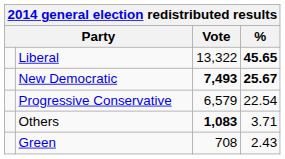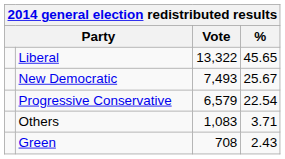 <table class="wikitable">
 <tr>
 <th colspan="4"><a href='#'>2014 general election</a> redistributed results</th>
 </tr>
 <tr>
 <th bgcolor="#DDDDFF" width="130px" colspan="2">Party</th>
 <th bgcolor="#DDDDFF" width="50px">Vote</th>
 <th bgcolor="#DDDDFF" width="30px">%</th>
 </tr>
 <tr>
 <td> </td>
 <td><a href='#'>Liberal</a></td>
 <td align=right>13,322</td>
-<td align=right><strong>45.65</strong></td>
+<td align=right>45.65</td>
 </tr>
 <tr>
 <td> </td>
 <td><a href='#'>New Democratic</a></td>
-<td align=right><strong>7,493</strong></td>
-<td align=right><strong>25.67</strong></td>
+<td align=right>7,493</td>
+<td align=right>25.67</td>
 </tr>
 <tr>
 <td> </td>
 <td><a href='#'>Progressive Conservative</a></td>
 <td align=right>6,579</td>
 <td align=right>22.54</td>
 </tr>
 <tr>
 <td> </td>
 <td>Others</td>
-<td align=right><strong>1,083</strong></td>
+<td align=right>1,083</td>
 <td align=right>3.71</td>
 </tr>
 <tr>
 <td> </td>
 <td><a href='#'>Green</a></td>
 <td align=right>708</td>
 <td align=right>2.43</td>
 </tr>
 </table>
